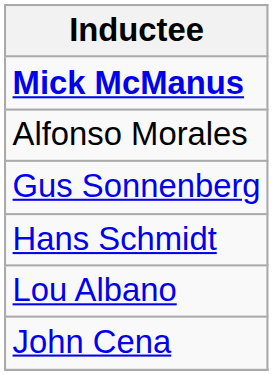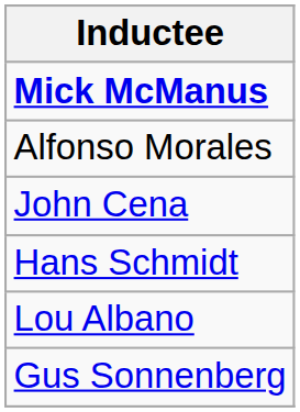 <table class="wikitable">
 <tr>
 <th>Inductee</th>
 </tr>
 <tr>
 <td><strong><a href='#'>Mick McManus</a></strong></td>
 </tr>
 <tr>
 <td>Alfonso Morales</td>
 </tr>
 <tr>
-<td><a href='#'>Gus Sonnenberg</a></td>
+<td><a href='#'>John Cena</a></td>
 </tr>
 <tr>
 <td><a href='#'>Hans Schmidt</a></td>
 </tr>
 <tr>
 <td><a href='#'>Lou Albano</a></td>
 </tr>
 <tr>
-<td><a href='#'>John Cena</a></td>
+<td><a href='#'>Gus Sonnenberg</a></td>
 </tr>
 <tr>
 </tr>
 </table>
